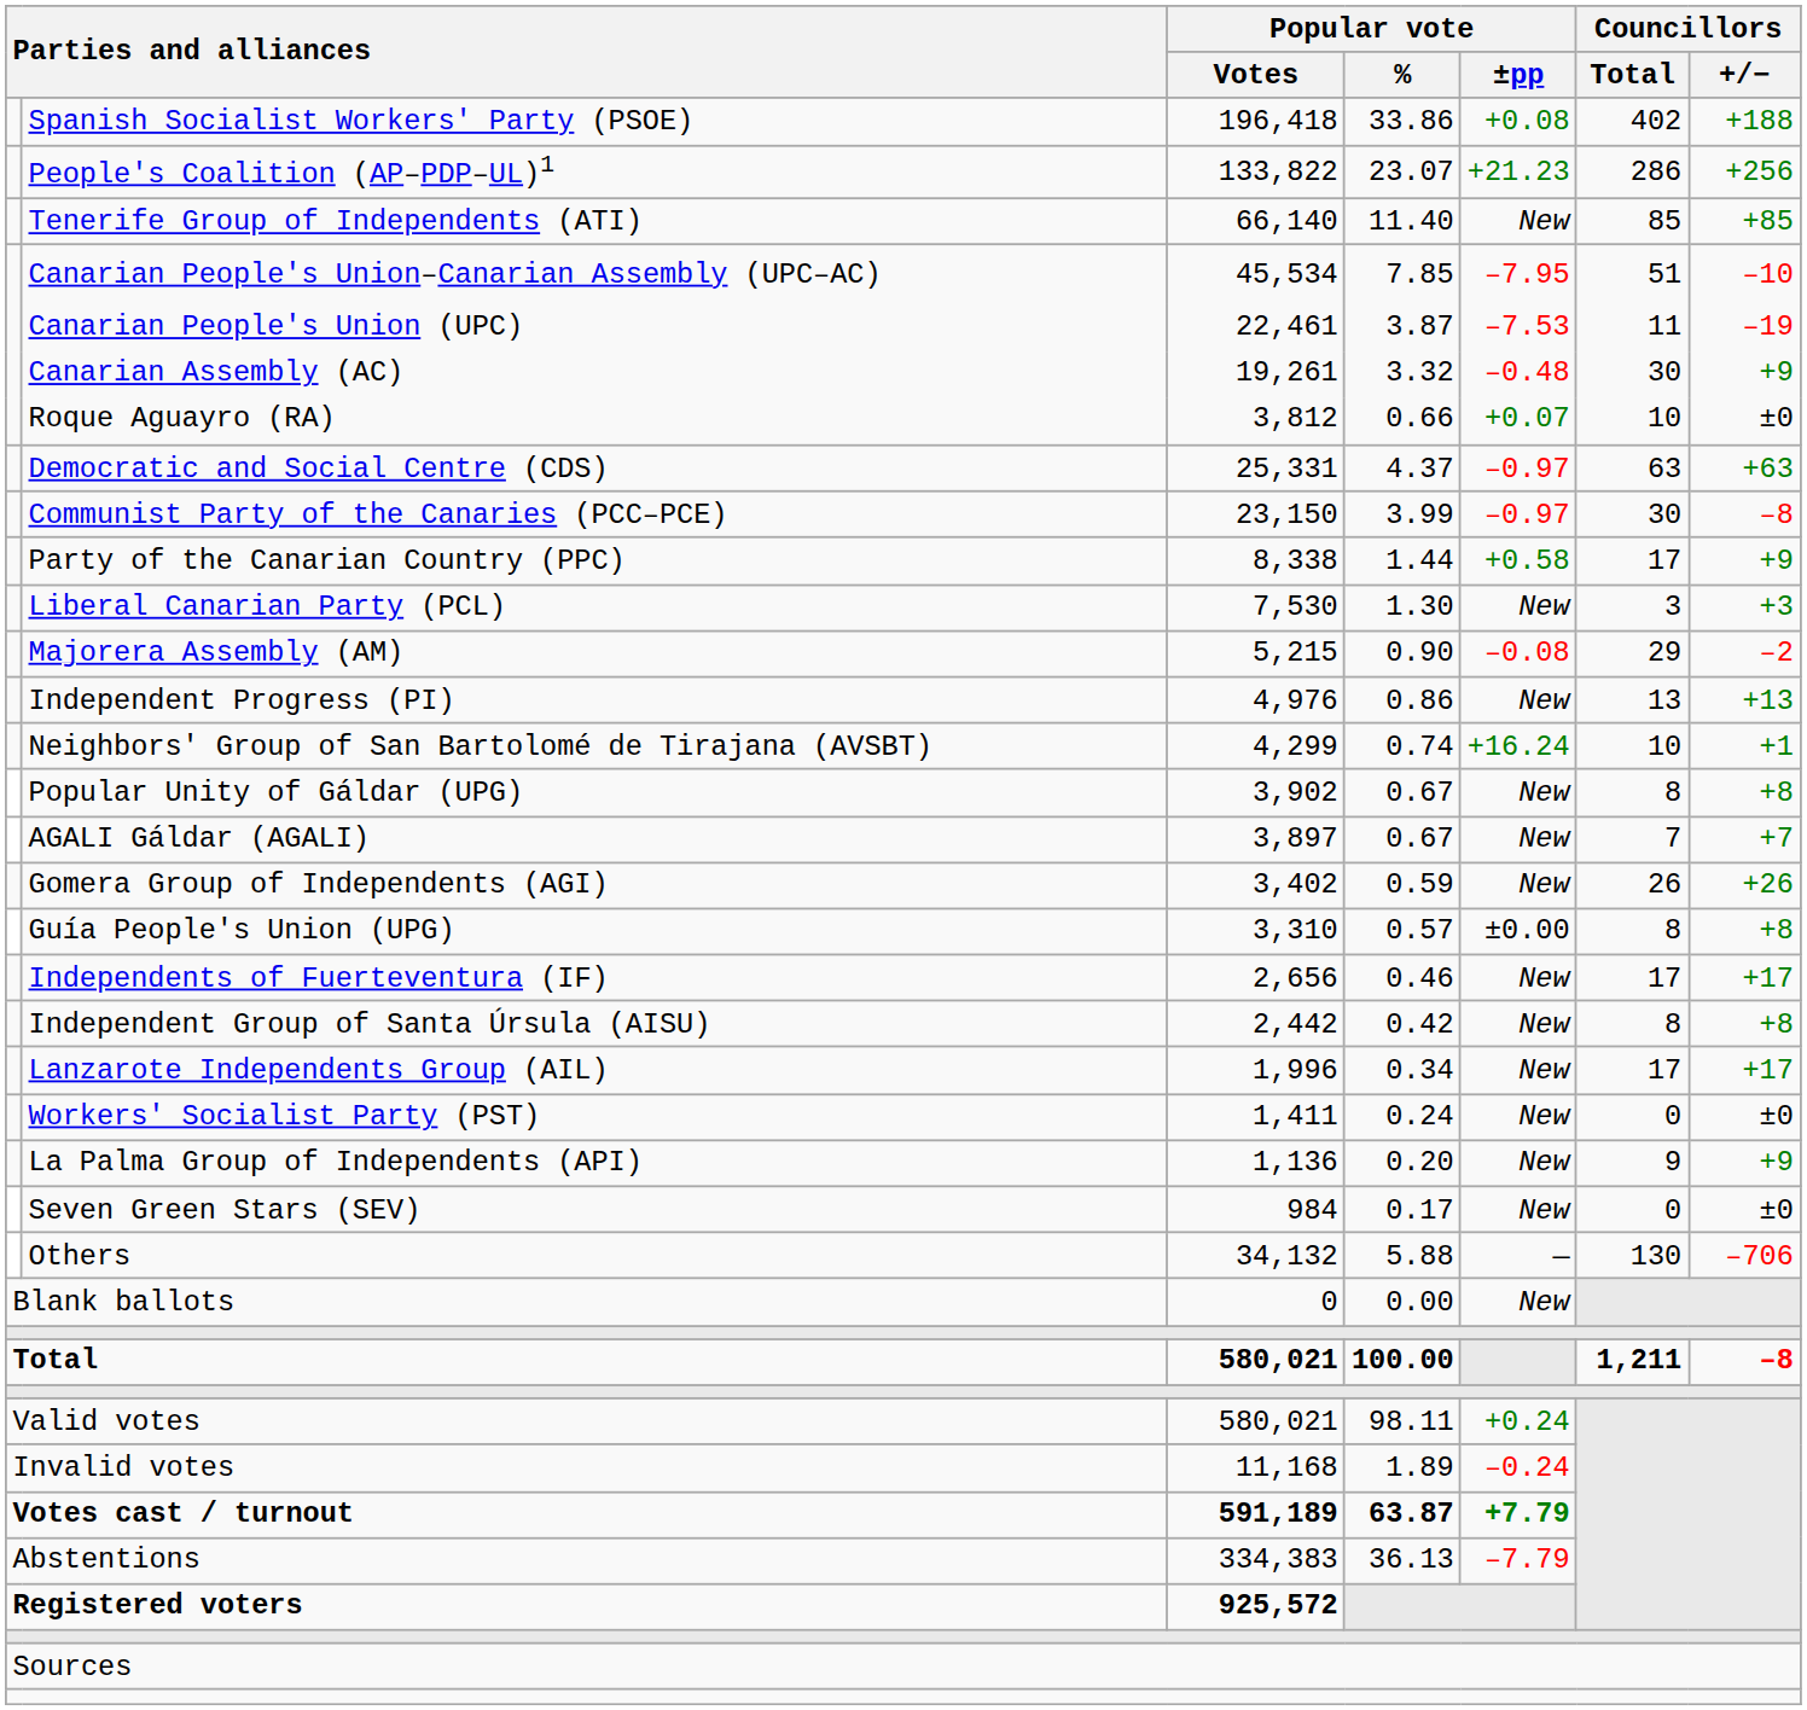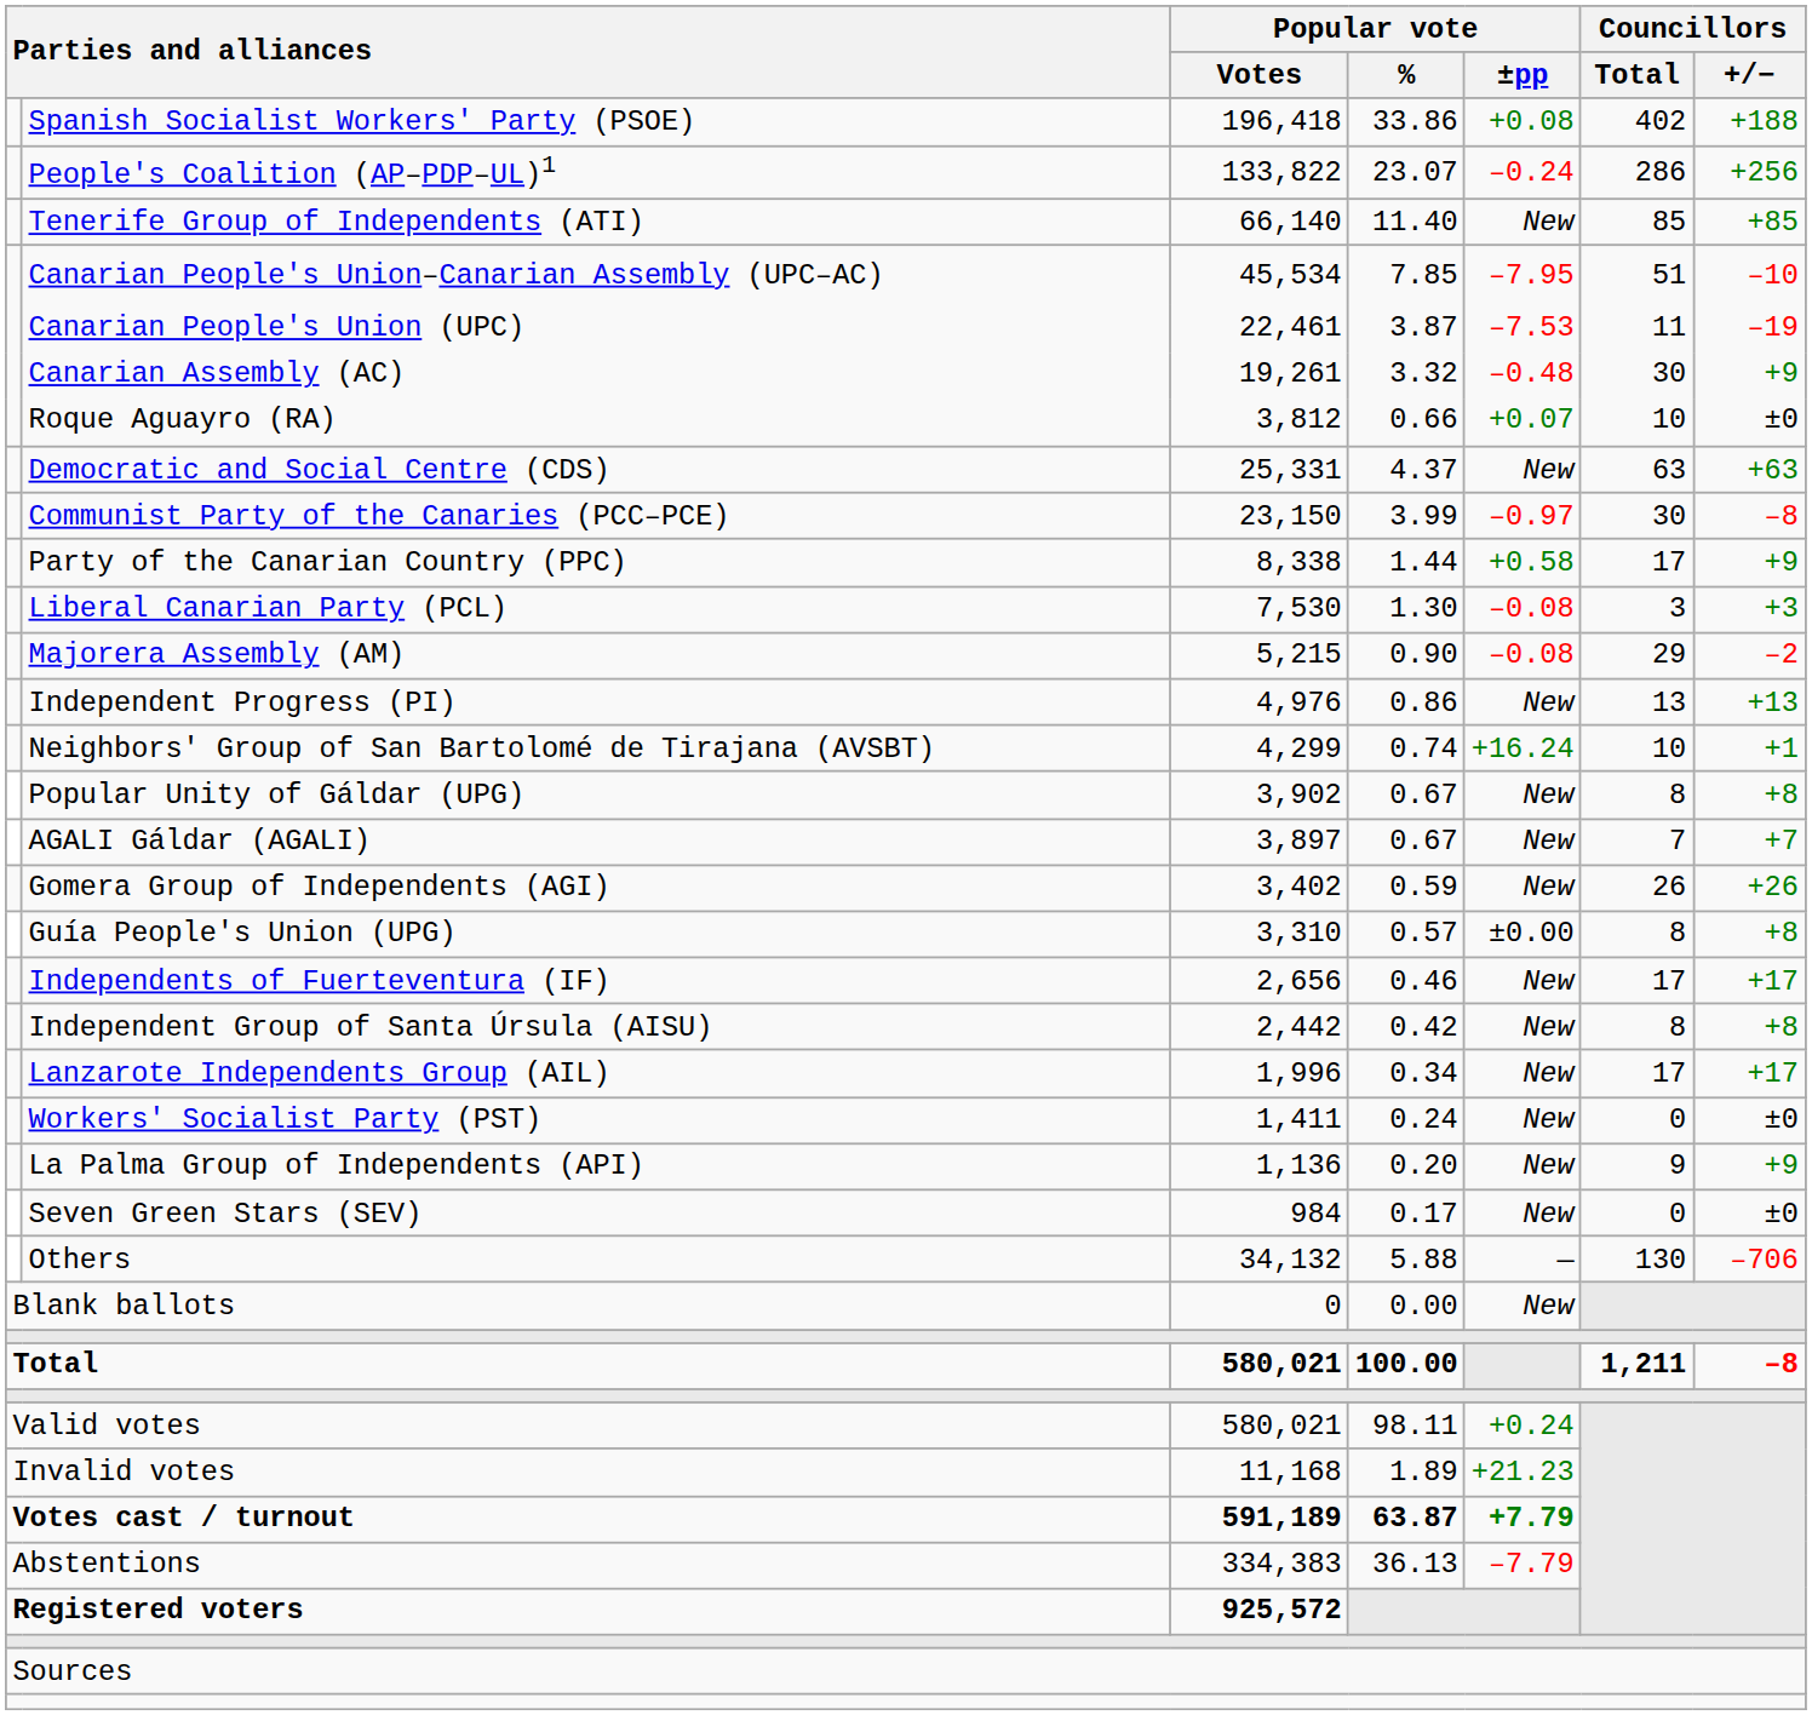 <table class="wikitable" style="text-align:right;">
 <tr>
 <th style="text-align:left;" rowspan="2" colspan="2" width="525">Parties and alliances</th>
 <th colspan="3">Popular vote</th>
 <th colspan="2">Councillors</th>
 </tr>
 <tr>
 <th width="75">Votes</th>
 <th width="45">%</th>
 <th width="45">±<a href='#'>pp</a></th>
 <th width="45">Total</th>
 <th width="45">+/−</th>
 </tr>
 <tr>
 <td width="1" style="color:inherit;background:"></td>
 <td align="left"><a href='#'>Spanish Socialist Workers' Party</a> (PSOE)</td>
 <td>196,418</td>
 <td>33.86</td>
 <td style="color:green;">+0.08</td>
 <td>402</td>
 <td style="color:green;">+188</td>
 </tr>
 <tr>
 <td style="color:inherit;background:"></td>
 <td align="left"><a href='#'>People's Coalition</a> (<a href='#'>AP</a>–<a href='#'>PDP</a>–<a href='#'>UL</a>)<sup>1</sup></td>
 <td>133,822</td>
 <td>23.07</td>
-<td style="color:green;">+21.23</td>
+<td style="color:red;">–0.24</td>
 <td>286</td>
 <td style="color:green;">+256</td>
 </tr>
 <tr>
 <td style="color:inherit;background:"></td>
 <td align="left"><a href='#'>Tenerife Group of Independents</a> (ATI)</td>
 <td>66,140</td>
 <td>11.40</td>
 <td><em>New</em></td>
 <td>85</td>
 <td style="color:green;">+85</td>
 </tr>
 <tr style="line-height:22px;">
 <td rowspan="4" style="color:inherit;background:"></td>
 <td align="left"><a href='#'>Canarian People's Union</a>–<a href='#'>Canarian Assembly</a> (UPC–AC)</td>
 <td>45,534</td>
 <td>7.85</td>
 <td style="color:red;">–7.95</td>
 <td>51</td>
 <td style="color:red;">–10</td>
 </tr>
 <tr style="border-bottom-style:hidden; border-top-style:hidden; line-height:16px;">
 <td align="left"><span><a href='#'>Canarian People's Union</a> (UPC)</span></td>
 <td>22,461</td>
 <td>3.87</td>
 <td style="color:red;">–7.53</td>
 <td>11</td>
 <td style="color:red;">–19</td>
 </tr>
 <tr style="border-bottom-style:hidden; line-height:16px;">
 <td align="left"><span><a href='#'>Canarian Assembly</a> (AC)</span></td>
 <td>19,261</td>
 <td>3.32</td>
 <td style="color:red;">–0.48</td>
 <td>30</td>
 <td style="color:green;">+9</td>
 </tr>
 <tr style="line-height:16px;">
 <td align="left"><span>Roque Aguayro (RA)</span></td>
 <td>3,812</td>
 <td>0.66</td>
 <td style="color:green;">+0.07</td>
 <td>10</td>
 <td>±0</td>
 </tr>
 <tr>
 <td style="color:inherit;background:"></td>
 <td align="left"><a href='#'>Democratic and Social Centre</a> (CDS)</td>
 <td>25,331</td>
 <td>4.37</td>
-<td style="color:red;">–0.97</td>
+<td><em>New</em></td>
 <td>63</td>
 <td style="color:green;">+63</td>
 </tr>
 <tr>
 <td style="color:inherit;background:"></td>
 <td align="left"><a href='#'>Communist Party of the Canaries</a> (PCC–PCE)</td>
 <td>23,150</td>
 <td>3.99</td>
 <td style="color:red;">–0.97</td>
 <td>30</td>
 <td style="color:red;">–8</td>
 </tr>
 <tr>
 <td style="color:inherit;background:"></td>
 <td align="left">Party of the Canarian Country (PPC)</td>
 <td>8,338</td>
 <td>1.44</td>
 <td style="color:green;">+0.58</td>
 <td>17</td>
 <td style="color:green;">+9</td>
 </tr>
 <tr>
 <td style="color:inherit;background:"></td>
 <td align="left"><a href='#'>Liberal Canarian Party</a> (PCL)</td>
 <td>7,530</td>
 <td>1.30</td>
-<td><em>New</em></td>
+<td style="color:red;">–0.08</td>
 <td>3</td>
 <td style="color:green;">+3</td>
 </tr>
 <tr>
 <td style="color:inherit;background:"></td>
 <td align="left"><a href='#'>Majorera Assembly</a> (AM)</td>
 <td>5,215</td>
 <td>0.90</td>
 <td style="color:red;">–0.08</td>
 <td>29</td>
 <td style="color:red;">–2</td>
 </tr>
 <tr>
 <td style="color:inherit;background:"></td>
 <td align="left">Independent Progress (PI)</td>
 <td>4,976</td>
 <td>0.86</td>
 <td><em>New</em></td>
 <td>13</td>
 <td style="color:green;">+13</td>
 </tr>
 <tr>
 <td style="color:inherit;background:"></td>
 <td align="left">Neighbors' Group of San Bartolomé de Tirajana (AVSBT)</td>
 <td>4,299</td>
 <td>0.74</td>
 <td style="color:green;">+16.24</td>
 <td>10</td>
 <td style="color:green;">+1</td>
 </tr>
 <tr>
 <td bgcolor="white"></td>
 <td align="left">Popular Unity of Gáldar (UPG)</td>
 <td>3,902</td>
 <td>0.67</td>
 <td><em>New</em></td>
 <td>8</td>
 <td style="color:green;">+8</td>
 </tr>
 <tr>
 <td bgcolor="white"></td>
 <td align="left">AGALI Gáldar (AGALI)</td>
 <td>3,897</td>
 <td>0.67</td>
 <td><em>New</em></td>
 <td>7</td>
 <td style="color:green;">+7</td>
 </tr>
 <tr>
 <td style="color:inherit;background:"></td>
 <td align="left">Gomera Group of Independents (AGI)</td>
 <td>3,402</td>
 <td>0.59</td>
 <td><em>New</em></td>
 <td>26</td>
 <td style="color:green;">+26</td>
 </tr>
 <tr>
 <td bgcolor="white"></td>
 <td align="left">Guía People's Union (UPG)</td>
 <td>3,310</td>
 <td>0.57</td>
 <td>±0.00</td>
 <td>8</td>
 <td style="color:green;">+8</td>
 </tr>
 <tr>
 <td style="color:inherit;background:"></td>
 <td align="left"><a href='#'>Independents of Fuerteventura</a> (IF)</td>
 <td>2,656</td>
 <td>0.46</td>
 <td><em>New</em></td>
 <td>17</td>
 <td style="color:green;">+17</td>
 </tr>
 <tr>
 <td style="color:inherit;background:"></td>
 <td align="left">Independent Group of Santa Úrsula (AISU)</td>
 <td>2,442</td>
 <td>0.42</td>
 <td><em>New</em></td>
 <td>8</td>
 <td style="color:green;">+8</td>
 </tr>
 <tr>
 <td style="color:inherit;background:"></td>
 <td align="left"><a href='#'>Lanzarote Independents Group</a> (AIL)</td>
 <td>1,996</td>
 <td>0.34</td>
 <td><em>New</em></td>
 <td>17</td>
 <td style="color:green;">+17</td>
 </tr>
 <tr>
 <td style="color:inherit;background:"></td>
 <td align="left"><a href='#'>Workers' Socialist Party</a> (PST)</td>
 <td>1,411</td>
 <td>0.24</td>
 <td><em>New</em></td>
 <td>0</td>
 <td>±0</td>
 </tr>
 <tr>
 <td style="color:inherit;background:"></td>
 <td align="left">La Palma Group of Independents (API)</td>
 <td>1,136</td>
 <td>0.20</td>
 <td><em>New</em></td>
 <td>9</td>
 <td style="color:green;">+9</td>
 </tr>
 <tr>
 <td bgcolor="white"></td>
 <td align="left">Seven Green Stars (SEV)</td>
 <td>984</td>
 <td>0.17</td>
 <td><em>New</em></td>
 <td>0</td>
 <td>±0</td>
 </tr>
 <tr>
 <td bgcolor="white"></td>
 <td align="left">Others</td>
 <td>34,132</td>
 <td>5.88</td>
 <td>—</td>
 <td>130</td>
 <td style="color:red;">–706</td>
 </tr>
 <tr>
 <td align="left" colspan="2">Blank ballots</td>
 <td>0</td>
 <td>0.00</td>
 <td><em>New</em></td>
 <td bgcolor="#E9E9E9" colspan="2"></td>
 </tr>
 <tr>
 <td colspan="7" bgcolor="#E9E9E9"></td>
 </tr>
 <tr style="font-weight:bold;">
 <td align="left" colspan="2">Total</td>
 <td>580,021</td>
 <td>100.00</td>
 <td bgcolor="#E9E9E9"></td>
 <td>1,211</td>
 <td style="color:red;">–8</td>
 </tr>
 <tr>
 <td colspan="7" bgcolor="#E9E9E9"></td>
 </tr>
 <tr>
 <td align="left" colspan="2">Valid votes</td>
 <td>580,021</td>
 <td>98.11</td>
 <td style="color:green;">+0.24</td>
 <td bgcolor="#E9E9E9" colspan="2" rowspan="5"></td>
 </tr>
 <tr>
 <td align="left" colspan="2">Invalid votes</td>
 <td>11,168</td>
 <td>1.89</td>
-<td style="color:red;">–0.24</td>
+<td style="color:green;">+21.23</td>
 </tr>
 <tr style="font-weight:bold;">
 <td align="left" colspan="2">Votes cast / turnout</td>
 <td>591,189</td>
 <td>63.87</td>
 <td style="color:green;">+7.79</td>
 </tr>
 <tr>
 <td align="left" colspan="2">Abstentions</td>
 <td>334,383</td>
 <td>36.13</td>
 <td style="color:red;">–7.79</td>
 </tr>
 <tr style="font-weight:bold;">
 <td align="left" colspan="2">Registered voters</td>
 <td>925,572</td>
 <td bgcolor="#E9E9E9" colspan="2"></td>
 </tr>
 <tr>
 <td colspan="7" bgcolor="#E9E9E9"></td>
 </tr>
 <tr>
 <td align="left" colspan="7">Sources</td>
 </tr>
 <tr>
 <td colspan="7" style="text-align:left; max-width:790px;"></td>
 </tr>
 </table>
